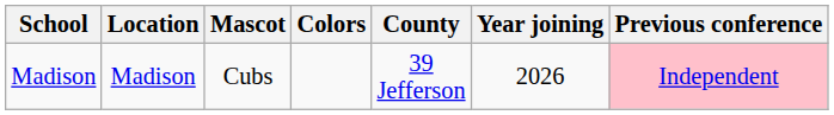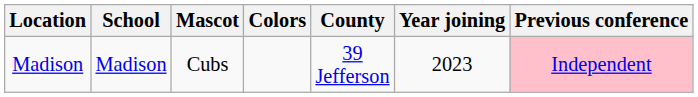 <table class="wikitable" style="text-align:center;">
 <tr>
+<th>Location</th>
 <th>School</th>
-<th>Location</th>
 <th>Mascot</th>
 <th>Colors</th>
 <th>County</th>
 <th>Year joining</th>
 <th>Previous conference</th>
 </tr>
 <tr>
 <td><a href='#'>Madison</a></td>
 <td><a href='#'>Madison</a></td>
 <td>Cubs</td>
 <td> </td>
 <td><a href='#'>39<br>Jefferson</a></td>
-<td>2026</td>
+<td>2023</td>
 <td style="background: pink;"><a href='#'>Independent</a></td>
 </tr>
 </table>
